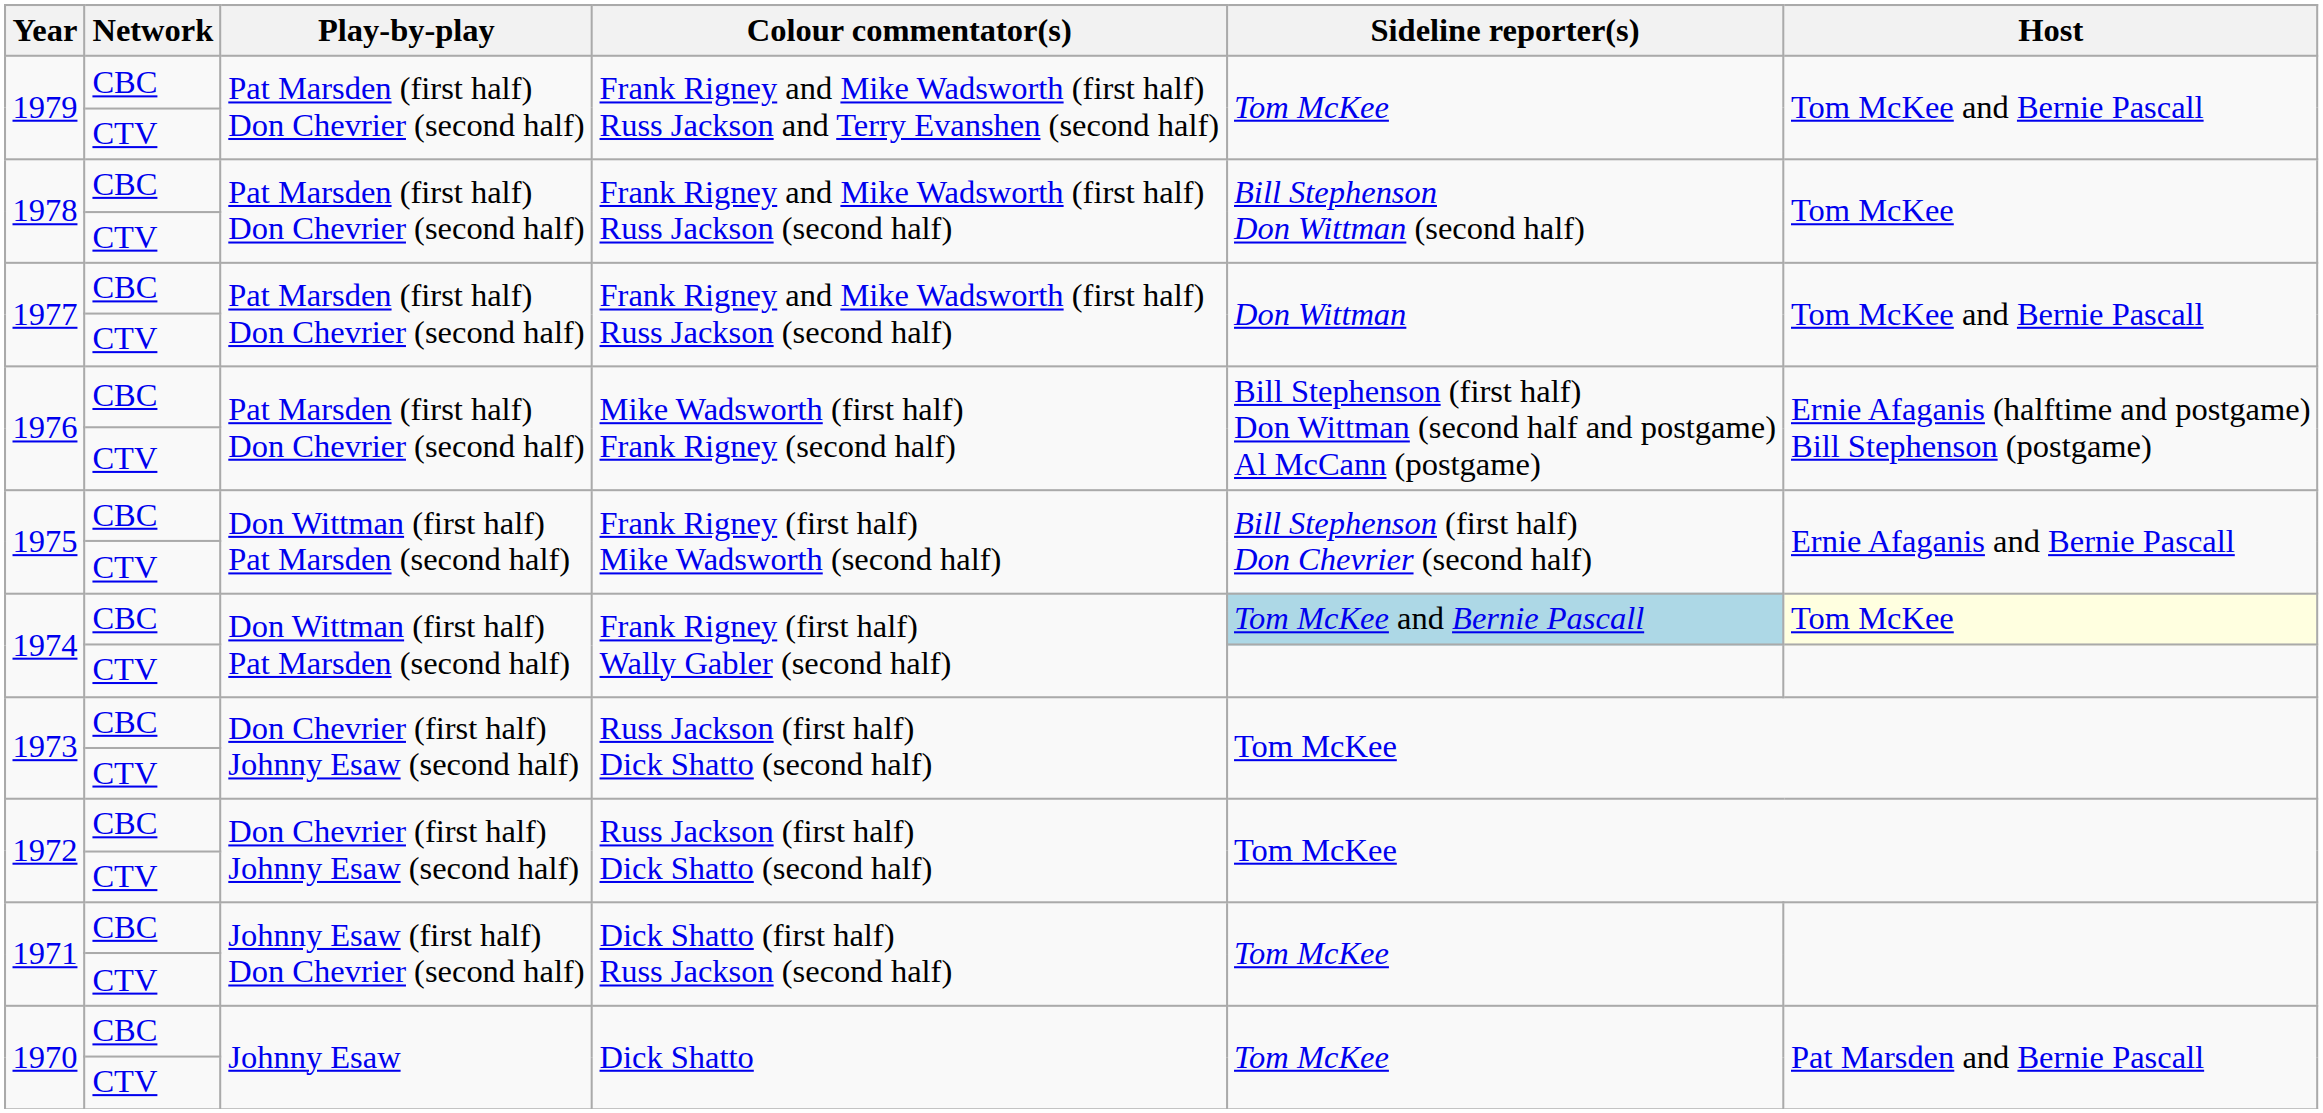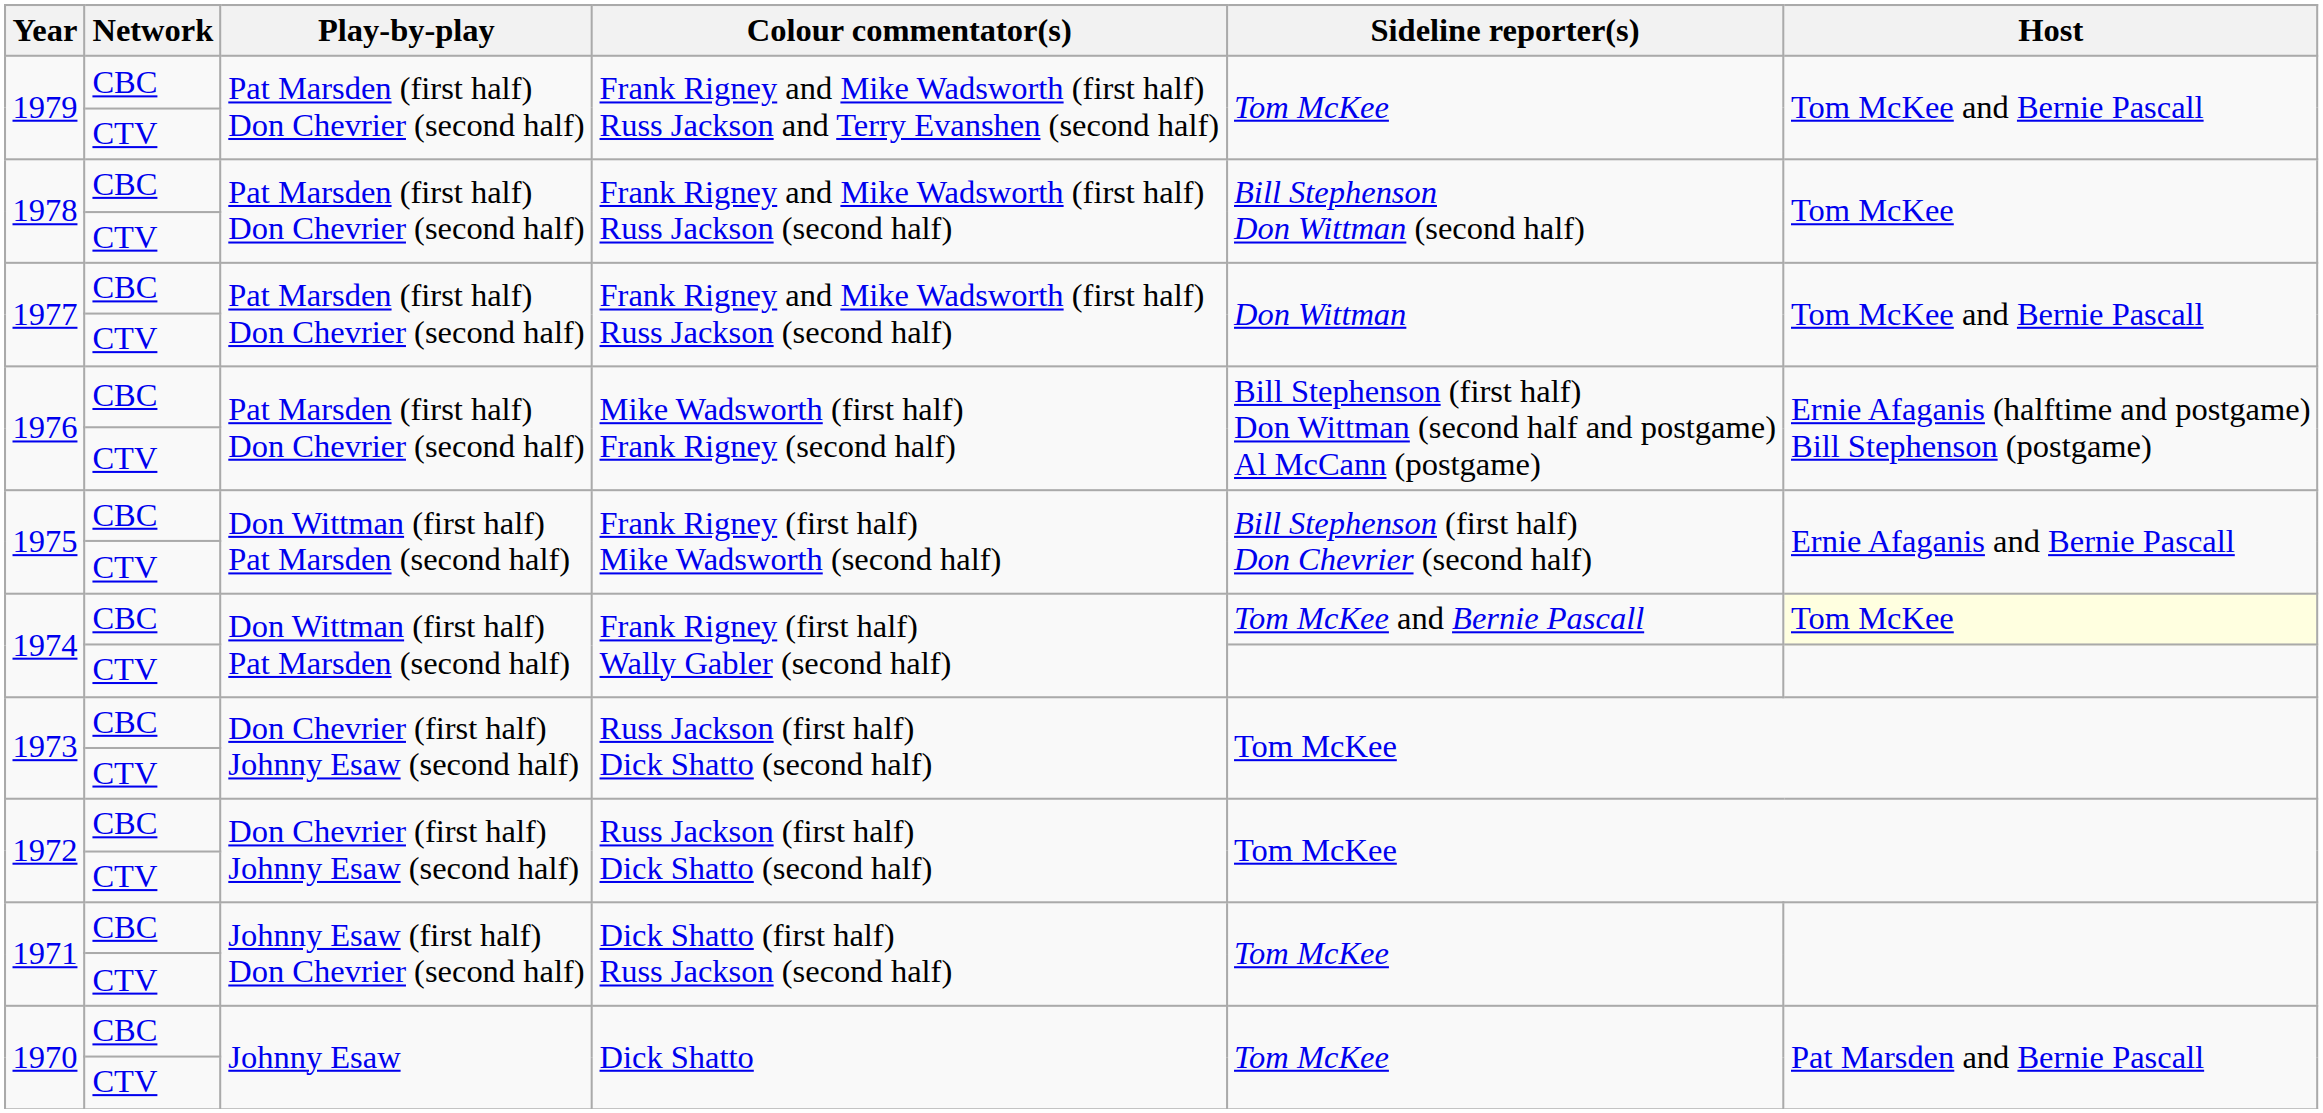 <table class="wikitable">
 <tr>
 <th><strong>Year</strong></th>
 <th><strong>Network</strong></th>
 <th><strong>Play-by-play</strong></th>
 <th><strong>Colour commentator(s)</strong></th>
 <th><strong>Sideline reporter(s)</strong></th>
 <th><strong>Host</strong></th>
 </tr>
 <tr>
 <td rowspan="2"><a href='#'>1979</a></td>
 <td><a href='#'>CBC</a></td>
 <td rowspan="2"><a href='#'>Pat Marsden</a> (first half)<br><a href='#'>Don Chevrier</a> (second half)</td>
 <td rowspan="2"><a href='#'>Frank Rigney</a> and <a href='#'>Mike Wadsworth</a> (first half)<br><a href='#'>Russ Jackson</a> and <a href='#'>Terry Evanshen</a> (second half)</td>
 <td rowspan="2"><em><a href='#'>Tom McKee</a></em></td>
 <td rowspan="2"><a href='#'>Tom McKee</a> and <a href='#'>Bernie Pascall</a></td>
 </tr>
 <tr>
 <td><a href='#'>CTV</a></td>
 </tr>
 <tr>
 <td rowspan="2"><a href='#'>1978</a></td>
 <td><a href='#'>CBC</a></td>
 <td rowspan="2"><a href='#'>Pat Marsden</a> (first half)<br><a href='#'>Don Chevrier</a> (second half)</td>
 <td rowspan="2"><a href='#'>Frank Rigney</a> and <a href='#'>Mike Wadsworth</a> (first half)<br><a href='#'>Russ Jackson</a> (second half)</td>
 <td rowspan="2"><em><a href='#'>Bill Stephenson</a></em><br><em><a href='#'>Don Wittman</a></em> (second half)</td>
 <td rowspan="2"><a href='#'>Tom McKee</a></td>
 </tr>
 <tr>
 <td><a href='#'>CTV</a></td>
 </tr>
 <tr>
 <td rowspan="2"><a href='#'>1977</a></td>
 <td><a href='#'>CBC</a></td>
 <td rowspan="2"><a href='#'>Pat Marsden</a> (first half)<br><a href='#'>Don Chevrier</a> (second half)</td>
 <td rowspan="2"><a href='#'>Frank Rigney</a> and <a href='#'>Mike Wadsworth</a> (first half)<br><a href='#'>Russ Jackson</a> (second half)</td>
 <td rowspan="2"><em><a href='#'>Don Wittman</a></em></td>
 <td rowspan="2"><a href='#'>Tom McKee</a> and <a href='#'>Bernie Pascall</a></td>
 </tr>
 <tr>
 <td><a href='#'>CTV</a></td>
 </tr>
 <tr>
 <td rowspan="2"><a href='#'>1976</a></td>
 <td><a href='#'>CBC</a></td>
 <td rowspan="2"><a href='#'>Pat Marsden</a> (first half)<br><a href='#'>Don Chevrier</a> (second half)</td>
 <td rowspan="2"><a href='#'>Mike Wadsworth</a> (first half)<br><a href='#'>Frank Rigney</a> (second half)</td>
 <td rowspan="2"><a href='#'>Bill Stephenson</a> (first half)<br><a href='#'>Don Wittman</a> (second half and postgame)<br><a href='#'>Al McCann</a> (postgame)</td>
 <td rowspan="2"><a href='#'>Ernie Afaganis</a> (halftime and postgame)<br><a href='#'>Bill Stephenson</a> (postgame)</td>
 </tr>
 <tr>
 <td><a href='#'>CTV</a></td>
 </tr>
 <tr>
 <td rowspan="2"><a href='#'>1975</a></td>
 <td><a href='#'>CBC</a></td>
 <td rowspan="2"><a href='#'>Don Wittman</a> (first half)<br><a href='#'>Pat Marsden</a> (second half)</td>
 <td rowspan="2"><a href='#'>Frank Rigney</a> (first half)<br><a href='#'>Mike Wadsworth</a> (second half)</td>
 <td rowspan="2"><em><a href='#'>Bill Stephenson</a></em> (first half)<br><em><a href='#'>Don Chevrier</a></em> (second half)</td>
 <td rowspan="2"><a href='#'>Ernie Afaganis</a> and <a href='#'>Bernie Pascall</a></td>
 </tr>
 <tr>
 <td><a href='#'>CTV</a></td>
 </tr>
 <tr>
 <td rowspan="2"><a href='#'>1974</a></td>
 <td><a href='#'>CBC</a></td>
 <td rowspan="2"><a href='#'>Don Wittman</a> (first half)<br><a href='#'>Pat Marsden</a> (second half)</td>
 <td rowspan="2"><a href='#'>Frank Rigney</a> (first half)<br><a href='#'>Wally Gabler</a> (second half)</td>
-<td style="background: lightblue;"><em><a href='#'>Tom McKee</a></em> and <em><a href='#'>Bernie Pascall</a></em></td>
+<td><em><a href='#'>Tom McKee</a></em> and <em><a href='#'>Bernie Pascall</a></em></td>
 <td style="background: lightyellow;"><a href='#'>Tom McKee</a></td>
 </tr>
 <tr>
 <td><a href='#'>CTV</a></td>
 <td></td>
 <td></td>
 </tr>
 <tr>
 <td rowspan="2"><a href='#'>1973</a></td>
 <td><a href='#'>CBC</a></td>
 <td rowspan="2"><a href='#'>Don Chevrier</a> (first half)<br><a href='#'>Johnny Esaw</a> (second half)</td>
 <td rowspan="2"><a href='#'>Russ Jackson</a> (first half)<br><a href='#'>Dick Shatto</a> (second half)</td>
 <td colspan="2" rowspan="2"><a href='#'>Tom McKee</a></td>
 </tr>
 <tr>
 <td><a href='#'>CTV</a></td>
 </tr>
 <tr>
 <td rowspan="2"><a href='#'>1972</a></td>
 <td><a href='#'>CBC</a></td>
 <td rowspan="2"><a href='#'>Don Chevrier</a> (first half)<br><a href='#'>Johnny Esaw</a> (second half)</td>
 <td rowspan="2"><a href='#'>Russ Jackson</a> (first half)<br><a href='#'>Dick Shatto</a> (second half)</td>
 <td colspan="2" rowspan="2"><a href='#'>Tom McKee</a></td>
 </tr>
 <tr>
 <td><a href='#'>CTV</a></td>
 </tr>
 <tr>
 <td rowspan="2"><a href='#'>1971</a></td>
 <td><a href='#'>CBC</a></td>
 <td rowspan="2"><a href='#'>Johnny Esaw</a> (first half)<br><a href='#'>Don Chevrier</a> (second half)</td>
 <td rowspan="2"><a href='#'>Dick Shatto</a> (first half)<br><a href='#'>Russ Jackson</a> (second half)</td>
 <td rowspan="2"><em><a href='#'>Tom McKee</a></em></td>
 </tr>
 <tr>
 <td><a href='#'>CTV</a></td>
 </tr>
 <tr>
 <td rowspan="2"><a href='#'>1970</a></td>
 <td><a href='#'>CBC</a></td>
 <td rowspan="2"><a href='#'>Johnny Esaw</a></td>
 <td rowspan="2"><a href='#'>Dick Shatto</a></td>
 <td rowspan="2"><em><a href='#'>Tom McKee</a></em></td>
 <td rowspan="2"><a href='#'>Pat Marsden</a> and <a href='#'>Bernie Pascall</a></td>
 </tr>
 <tr>
 <td><a href='#'>CTV</a></td>
 </tr>
 </table>
